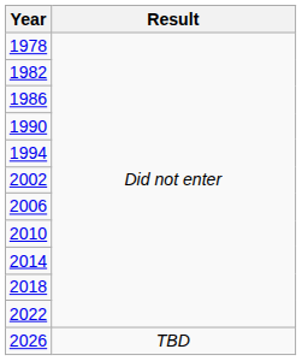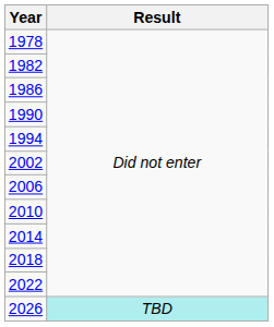 <table class="wikitable" style="text-align: center; font-size:90%">
 <tr>
 <th>Year</th>
 <th style="width:200px">Result</th>
 </tr>
 <tr>
 <td> <a href='#'>1978</a></td>
 <td rowspan="11"><em>Did not enter</em></td>
 </tr>
 <tr>
 <td> <a href='#'>1982</a></td>
 </tr>
 <tr>
 <td> <a href='#'>1986</a></td>
 </tr>
 <tr>
 <td> <a href='#'>1990</a></td>
 </tr>
 <tr>
 <td> <a href='#'>1994</a></td>
 </tr>
 <tr>
 <td> <a href='#'>2002</a></td>
 </tr>
 <tr>
 <td> <a href='#'>2006</a></td>
 </tr>
 <tr>
 <td> <a href='#'>2010</a></td>
 </tr>
 <tr>
 <td> <a href='#'>2014</a></td>
 </tr>
 <tr>
 <td> <a href='#'>2018</a></td>
 </tr>
 <tr>
 <td> <a href='#'>2022</a></td>
 </tr>
 <tr>
 <td> <a href='#'>2026</a></td>
-<td><em>TBD</em></td>
+<td style="background: paleturquoise;"><em>TBD</em></td>
 </tr>
 </table>
